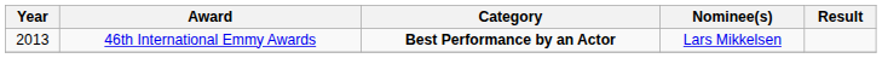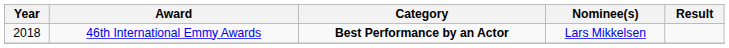 <table class="wikitable" width="75%" ; style="text-align:center;">
 <tr>
 <th>Year</th>
 <th>Award</th>
 <th>Category</th>
 <th>Nominee(s)</th>
 <th>Result</th>
 </tr>
 <tr>
-<td>2013</td>
+<td>2018</td>
 <td><a href='#'>46th International Emmy Awards</a></td>
 <td><strong>Best Performance by an Actor</strong></td>
 <td><a href='#'>Lars Mikkelsen</a></td>
 <td></td>
 </tr>
 <tr>
 </tr>
 </table>
